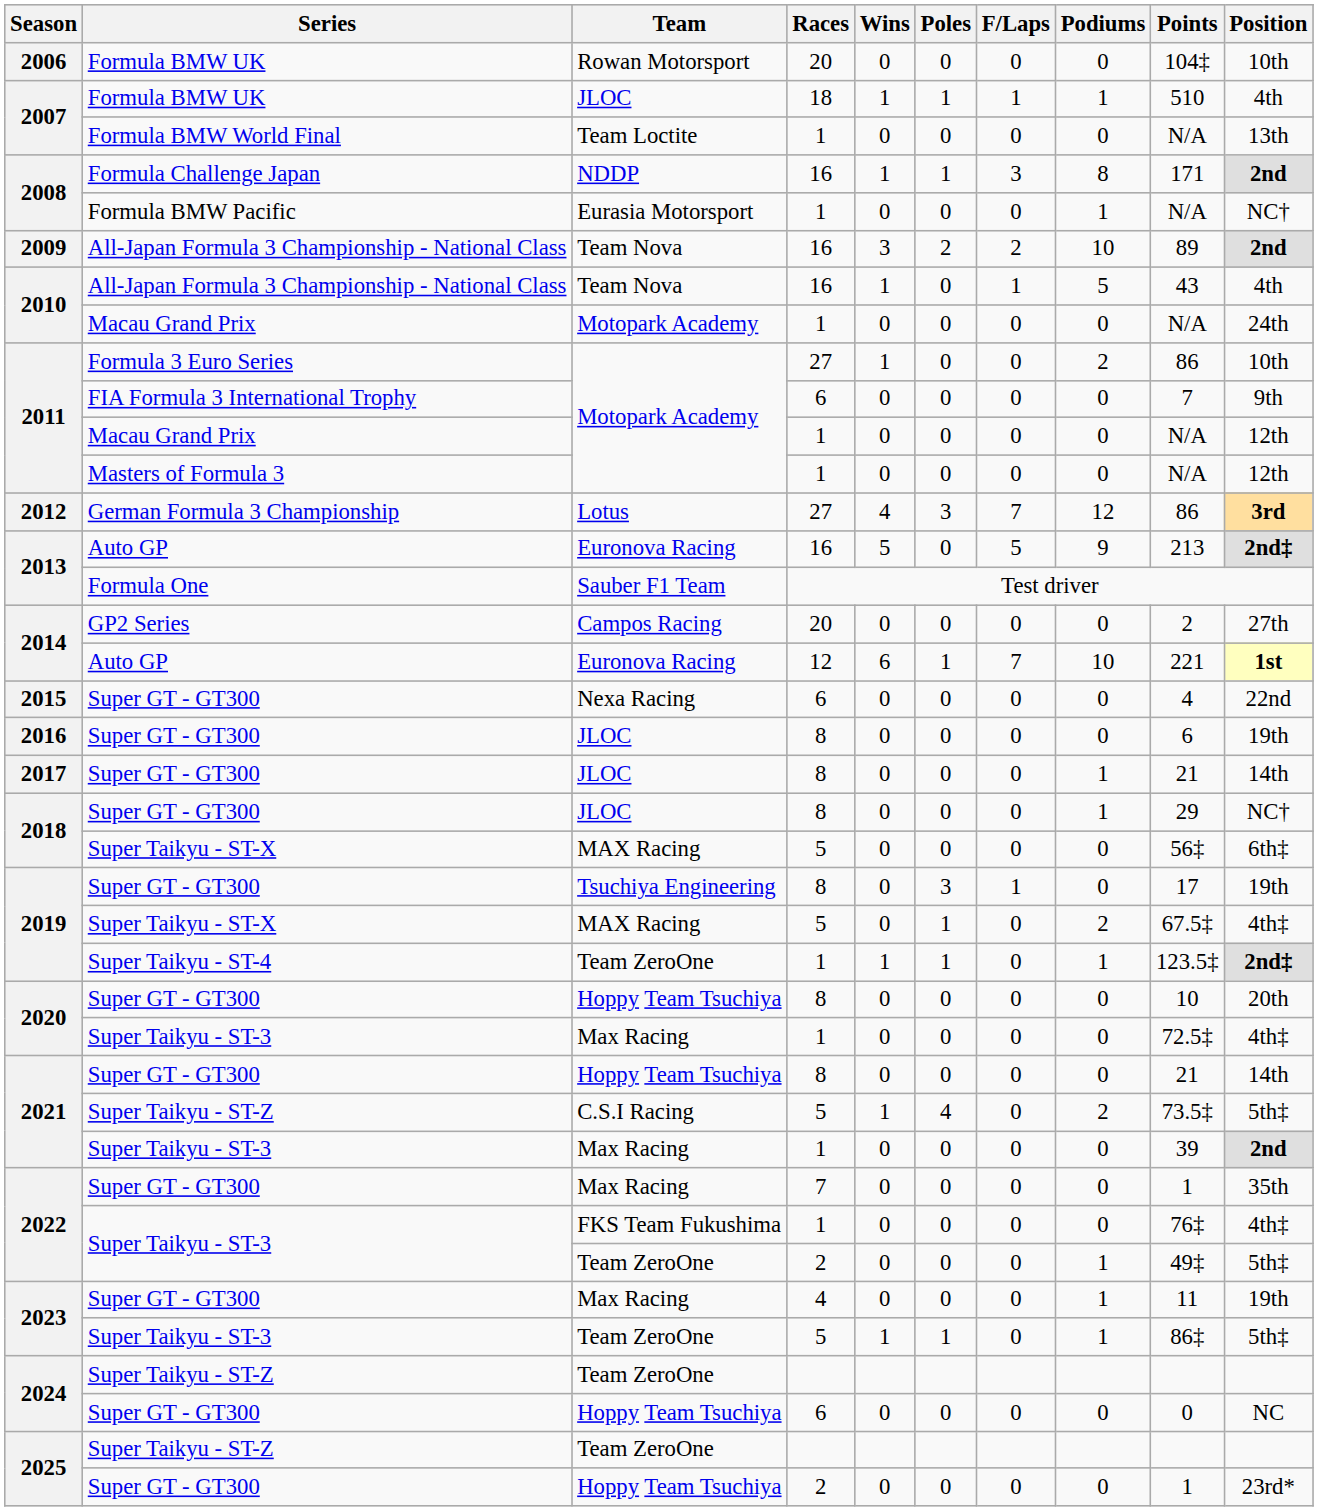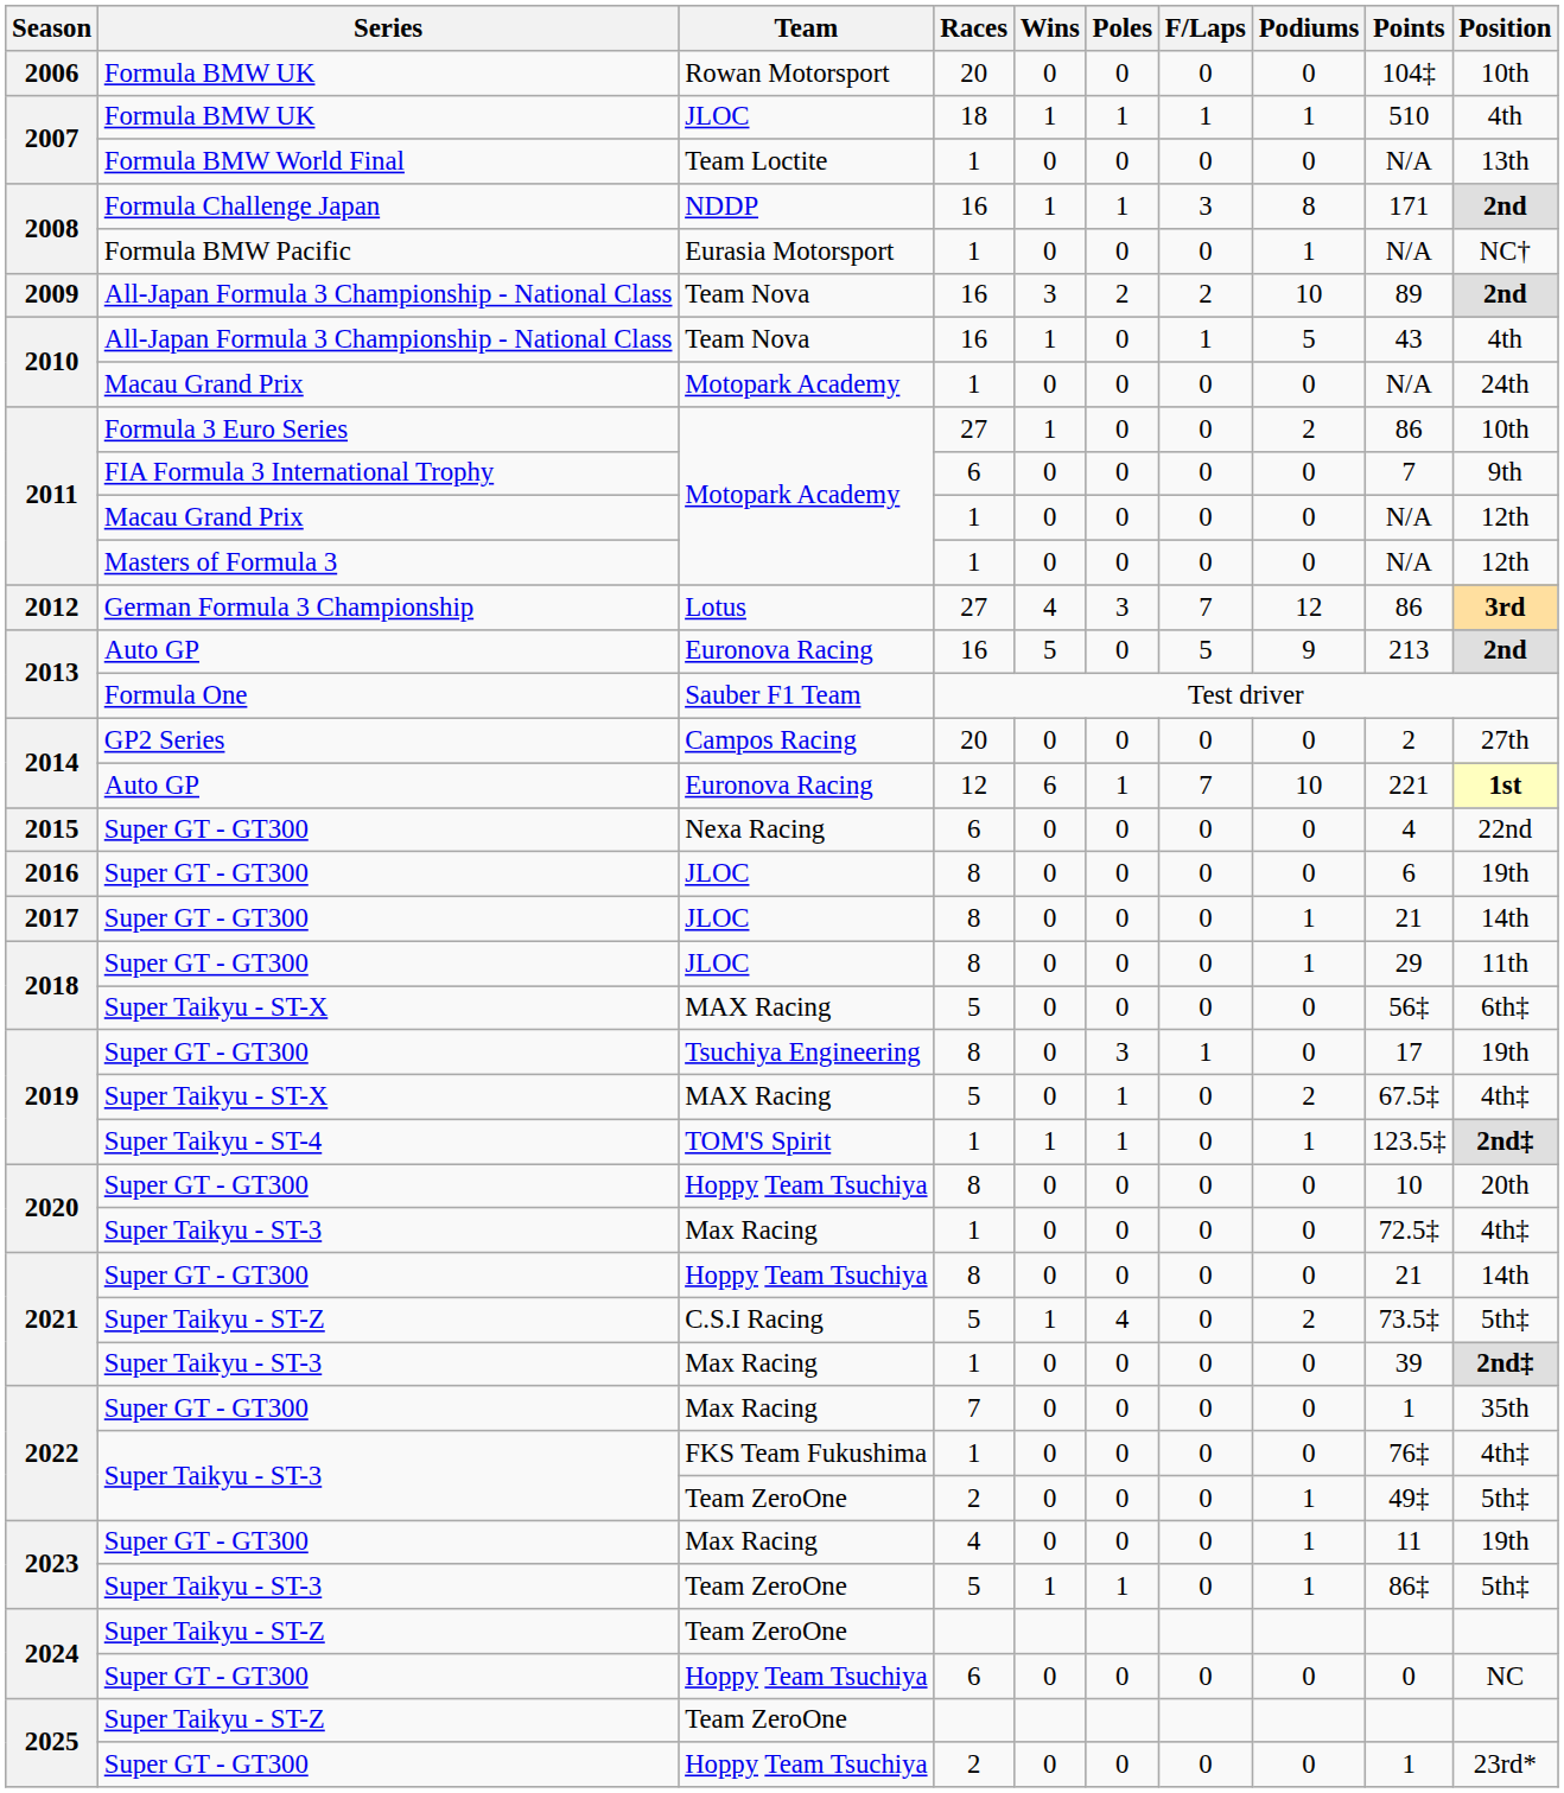 <table class="wikitable" style="font-size: 90%; text-align:center">
 <tr>
 <th>Season</th>
 <th>Series</th>
 <th>Team</th>
 <th>Races</th>
 <th>Wins</th>
 <th>Poles</th>
 <th>F/Laps</th>
 <th>Podiums</th>
 <th>Points</th>
 <th>Position</th>
 </tr>
 <tr>
 <th>2006</th>
 <td align=left><a href='#'>Formula BMW UK</a></td>
 <td align=left>Rowan Motorsport</td>
 <td>20</td>
 <td>0</td>
 <td>0</td>
 <td>0</td>
 <td>0</td>
 <td>104‡</td>
 <td>10th</td>
 </tr>
 <tr>
 <th rowspan=2>2007</th>
 <td align=left><a href='#'>Formula BMW UK</a></td>
 <td align=left><a href='#'>JLOC</a></td>
 <td>18</td>
 <td>1</td>
 <td>1</td>
 <td>1</td>
 <td>1</td>
 <td>510</td>
 <td>4th</td>
 </tr>
 <tr>
 <td align=left><a href='#'>Formula BMW World Final</a></td>
 <td align=left>Team Loctite</td>
 <td>1</td>
 <td>0</td>
 <td>0</td>
 <td>0</td>
 <td>0</td>
 <td>N/A</td>
 <td>13th</td>
 </tr>
 <tr>
 <th rowspan=2>2008</th>
 <td align=left><a href='#'>Formula Challenge Japan</a></td>
 <td align=left><a href='#'>NDDP</a></td>
 <td>16</td>
 <td>1</td>
 <td>1</td>
 <td>3</td>
 <td>8</td>
 <td>171</td>
 <td style="background:#DFDFDF;"><strong>2nd</strong></td>
 </tr>
 <tr>
 <td align=left>Formula BMW Pacific</td>
 <td align=left>Eurasia Motorsport</td>
 <td>1</td>
 <td>0</td>
 <td>0</td>
 <td>0</td>
 <td>1</td>
 <td>N/A</td>
 <td>NC†</td>
 </tr>
 <tr>
 <th>2009</th>
 <td align=left nowrap><a href='#'>All-Japan Formula 3 Championship - National Class</a></td>
 <td align=left>Team Nova</td>
 <td>16</td>
 <td>3</td>
 <td>2</td>
 <td>2</td>
 <td>10</td>
 <td>89</td>
 <td style="background:#DFDFDF;"><strong>2nd</strong></td>
 </tr>
 <tr>
 <th rowspan=2>2010</th>
 <td align=left><a href='#'>All-Japan Formula 3 Championship - National Class</a></td>
 <td align=left>Team Nova</td>
 <td>16</td>
 <td>1</td>
 <td>0</td>
 <td>1</td>
 <td>5</td>
 <td>43</td>
 <td>4th</td>
 </tr>
 <tr>
 <td align=left><a href='#'>Macau Grand Prix</a></td>
 <td align=left><a href='#'>Motopark Academy</a></td>
 <td>1</td>
 <td>0</td>
 <td>0</td>
 <td>0</td>
 <td>0</td>
 <td>N/A</td>
 <td>24th</td>
 </tr>
 <tr>
 <th rowspan=4>2011</th>
 <td align=left><a href='#'>Formula 3 Euro Series</a></td>
 <td align=left rowspan=4><a href='#'>Motopark Academy</a></td>
 <td>27</td>
 <td>1</td>
 <td>0</td>
 <td>0</td>
 <td>2</td>
 <td>86</td>
 <td>10th</td>
 </tr>
 <tr>
 <td align=left><a href='#'>FIA Formula 3 International Trophy</a></td>
 <td>6</td>
 <td>0</td>
 <td>0</td>
 <td>0</td>
 <td>0</td>
 <td>7</td>
 <td>9th</td>
 </tr>
 <tr>
 <td align=left><a href='#'>Macau Grand Prix</a></td>
 <td>1</td>
 <td>0</td>
 <td>0</td>
 <td>0</td>
 <td>0</td>
 <td>N/A</td>
 <td>12th</td>
 </tr>
 <tr>
 <td align=left><a href='#'>Masters of Formula 3</a></td>
 <td>1</td>
 <td>0</td>
 <td>0</td>
 <td>0</td>
 <td>0</td>
 <td>N/A</td>
 <td>12th</td>
 </tr>
 <tr>
 <th>2012</th>
 <td align=left><a href='#'>German Formula 3 Championship</a></td>
 <td align=left><a href='#'>Lotus</a></td>
 <td>27</td>
 <td>4</td>
 <td>3</td>
 <td>7</td>
 <td>12</td>
 <td>86</td>
 <td style="background:#FFDF9F;"><strong>3rd</strong></td>
 </tr>
 <tr>
 <th rowspan="2">2013</th>
 <td align=left><a href='#'>Auto GP</a></td>
 <td align=left><a href='#'>Euronova Racing</a></td>
 <td>16</td>
 <td>5</td>
 <td>0</td>
 <td>5</td>
 <td>9</td>
 <td>213</td>
-<td style="background:#dfdfdf"><strong>2nd‡</strong></td>
+<td style="background:#DFDFDF;"><strong>2nd</strong></td>
 </tr>
 <tr>
 <td align=left><a href='#'>Formula One</a></td>
 <td align=left><a href='#'>Sauber F1 Team</a></td>
 <td colspan="7">Test driver</td>
 </tr>
 <tr>
 <th rowspan=2>2014</th>
 <td align=left><a href='#'>GP2 Series</a></td>
 <td align=left><a href='#'>Campos Racing</a></td>
 <td>20</td>
 <td>0</td>
 <td>0</td>
 <td>0</td>
 <td>0</td>
 <td>2</td>
 <td>27th</td>
 </tr>
 <tr>
 <td align=left><a href='#'>Auto GP</a></td>
 <td align=left><a href='#'>Euronova Racing</a></td>
 <td>12</td>
 <td>6</td>
 <td>1</td>
 <td>7</td>
 <td>10</td>
 <td>221</td>
 <td style="background:#FFFFBF;"><strong>1st</strong></td>
 </tr>
 <tr>
 <th>2015</th>
 <td align=left><a href='#'>Super GT - GT300</a></td>
 <td align=left>Nexa Racing</td>
 <td>6</td>
 <td>0</td>
 <td>0</td>
 <td>0</td>
 <td>0</td>
 <td>4</td>
 <td>22nd</td>
 </tr>
 <tr>
 <th>2016</th>
 <td align=left><a href='#'>Super GT - GT300</a></td>
 <td align=left><a href='#'>JLOC</a></td>
 <td>8</td>
 <td>0</td>
 <td>0</td>
 <td>0</td>
 <td>0</td>
 <td>6</td>
 <td>19th</td>
 </tr>
 <tr>
 <th>2017</th>
 <td align=left><a href='#'>Super GT - GT300</a></td>
 <td align=left><a href='#'>JLOC</a></td>
 <td>8</td>
 <td>0</td>
 <td>0</td>
 <td>0</td>
 <td>1</td>
 <td>21</td>
 <td>14th</td>
 </tr>
 <tr>
 <th rowspan="2">2018</th>
 <td align=left><a href='#'>Super GT - GT300</a></td>
 <td align=left><a href='#'>JLOC</a></td>
 <td>8</td>
 <td>0</td>
 <td>0</td>
 <td>0</td>
 <td>1</td>
 <td>29</td>
-<td>NC†</td>
+<td>11th</td>
 </tr>
 <tr>
 <td align=left><a href='#'>Super Taikyu - ST-X</a></td>
 <td align=left>MAX Racing</td>
 <td>5</td>
 <td>0</td>
 <td>0</td>
 <td>0</td>
 <td>0</td>
 <td>56‡</td>
 <td>6th‡</td>
 </tr>
 <tr>
 <th rowspan="3">2019</th>
 <td align=left><a href='#'>Super GT - GT300</a></td>
 <td align=left><a href='#'>Tsuchiya Engineering</a></td>
 <td>8</td>
 <td>0</td>
 <td>3</td>
 <td>1</td>
 <td>0</td>
 <td>17</td>
 <td>19th</td>
 </tr>
 <tr>
 <td align=left><a href='#'>Super Taikyu - ST-X</a></td>
 <td align=left>MAX Racing</td>
 <td>5</td>
 <td>0</td>
 <td>1</td>
 <td>0</td>
 <td>2</td>
 <td>67.5‡</td>
 <td>4th‡</td>
 </tr>
 <tr>
 <td align=left><a href='#'>Super Taikyu - ST-4</a></td>
-<td align=left>Team ZeroOne</td>
+<td align=left><a href='#'>TOM'S Spirit</a></td>
 <td>1</td>
 <td>1</td>
 <td>1</td>
 <td>0</td>
 <td>1</td>
 <td>123.5‡</td>
 <td style="background:#DFDFDF"><strong>2nd‡</strong></td>
 </tr>
 <tr>
 <th rowspan="2">2020</th>
 <td align=left><a href='#'>Super GT - GT300</a></td>
 <td align=left><a href='#'>Hoppy</a> <a href='#'>Team Tsuchiya</a></td>
 <td>8</td>
 <td>0</td>
 <td>0</td>
 <td>0</td>
 <td>0</td>
 <td>10</td>
 <td>20th</td>
 </tr>
 <tr>
 <td align=left><a href='#'>Super Taikyu - ST-3</a></td>
 <td align=left>Max Racing</td>
 <td>1</td>
 <td>0</td>
 <td>0</td>
 <td>0</td>
 <td>0</td>
 <td>72.5‡</td>
 <td>4th‡</td>
 </tr>
 <tr>
 <th rowspan="3">2021</th>
 <td align=left><a href='#'>Super GT - GT300</a></td>
 <td align=left><a href='#'>Hoppy</a> <a href='#'>Team Tsuchiya</a></td>
 <td>8</td>
 <td>0</td>
 <td>0</td>
 <td>0</td>
 <td>0</td>
 <td>21</td>
 <td>14th</td>
 </tr>
 <tr>
 <td align=left><a href='#'>Super Taikyu - ST-Z</a></td>
 <td align=left>C.S.I Racing</td>
 <td>5</td>
 <td>1</td>
 <td>4</td>
 <td>0</td>
 <td>2</td>
 <td>73.5‡</td>
 <td>5th‡</td>
 </tr>
 <tr>
 <td align=left><a href='#'>Super Taikyu - ST-3</a></td>
 <td align=left>Max Racing</td>
 <td>1</td>
 <td>0</td>
 <td>0</td>
 <td>0</td>
 <td>0</td>
 <td>39</td>
-<td style="background:#DFDFDF;"><strong>2nd</strong></td>
+<td style="background:#dfdfdf"><strong>2nd‡</strong></td>
 </tr>
 <tr>
 <th rowspan="3">2022</th>
 <td align=left><a href='#'>Super GT - GT300</a></td>
 <td align=left>Max Racing</td>
 <td>7</td>
 <td>0</td>
 <td>0</td>
 <td>0</td>
 <td>0</td>
 <td>1</td>
 <td>35th</td>
 </tr>
 <tr>
 <td rowspan="2" align=left><a href='#'>Super Taikyu - ST-3</a></td>
 <td align=left>FKS Team Fukushima</td>
 <td>1</td>
 <td>0</td>
 <td>0</td>
 <td>0</td>
 <td>0</td>
 <td>76‡</td>
 <td>4th‡</td>
 </tr>
 <tr>
 <td align=left>Team ZeroOne</td>
 <td>2</td>
 <td>0</td>
 <td>0</td>
 <td>0</td>
 <td>1</td>
 <td>49‡</td>
 <td>5th‡</td>
 </tr>
 <tr>
 <th rowspan="2">2023</th>
 <td align=left><a href='#'>Super GT - GT300</a></td>
 <td align=left>Max Racing</td>
 <td>4</td>
 <td>0</td>
 <td>0</td>
 <td>0</td>
 <td>1</td>
 <td>11</td>
 <td>19th</td>
 </tr>
 <tr>
 <td align=left><a href='#'>Super Taikyu - ST-3</a></td>
 <td align=left>Team ZeroOne</td>
 <td>5</td>
 <td>1</td>
 <td>1</td>
 <td>0</td>
 <td>1</td>
 <td>86‡</td>
 <td>5th‡</td>
 </tr>
 <tr>
 <th rowspan="2">2024</th>
 <td align=left><a href='#'>Super Taikyu - ST-Z</a></td>
 <td align=left>Team ZeroOne</td>
 <td></td>
 <td></td>
 <td></td>
 <td></td>
 <td></td>
 <td></td>
 <td></td>
 </tr>
 <tr>
 <td align=left><a href='#'>Super GT - GT300</a></td>
 <td align=left><a href='#'>Hoppy</a> <a href='#'>Team Tsuchiya</a></td>
 <td>6</td>
 <td>0</td>
 <td>0</td>
 <td>0</td>
 <td>0</td>
 <td>0</td>
 <td>NC</td>
 </tr>
 <tr>
 <th rowspan="2">2025</th>
 <td align=left><a href='#'>Super Taikyu - ST-Z</a></td>
 <td align=left>Team ZeroOne</td>
 <td></td>
 <td></td>
 <td></td>
 <td></td>
 <td></td>
 <td></td>
 <td></td>
 </tr>
 <tr>
 <td align=left><a href='#'>Super GT - GT300</a></td>
 <td align=left><a href='#'>Hoppy</a> <a href='#'>Team Tsuchiya</a></td>
 <td>2</td>
 <td>0</td>
 <td>0</td>
 <td>0</td>
 <td>0</td>
 <td>1</td>
 <td>23rd*</td>
 </tr>
 </table>
